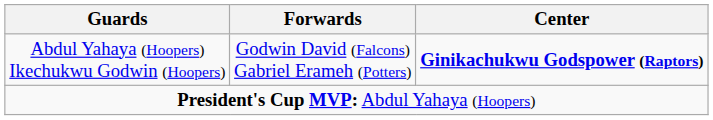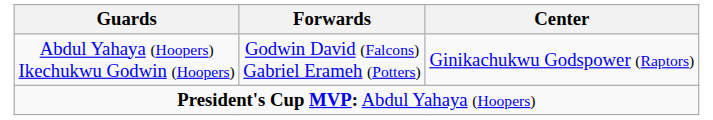 <table class=wikitable style="text-align:center; margin:auto">
 <tr>
 <th>Guards</th>
 <th>Forwards</th>
 <th>Center</th>
 </tr>
 <tr>
 <td><a href='#'>Abdul Yahaya</a> <small>(<a href='#'>Hoopers</a>)</small><br><a href='#'>Ikechukwu Godwin</a> <small>(<a href='#'>Hoopers</a>)</small></td>
 <td><a href='#'>Godwin David</a> <small>(<a href='#'>Falcons</a>)</small><br><a href='#'>Gabriel Erameh</a> <small>(<a href='#'>Potters</a>)</small></td>
-<td><strong><a href='#'>Ginikachukwu Godspower</a> <small>(<a href='#'>Raptors</a>)</small></strong></td>
+<td><a href='#'>Ginikachukwu Godspower</a> <small>(<a href='#'>Raptors</a>)</small></td>
 </tr>
 <tr>
 <td colspan=3 align=center><strong>President's Cup <a href='#'>MVP</a>:</strong> <a href='#'>Abdul Yahaya</a> <small>(<a href='#'>Hoopers</a>)</small></td>
 </tr>
 </table>
